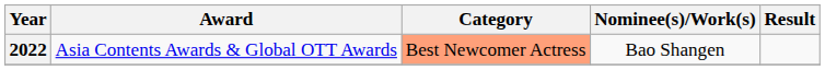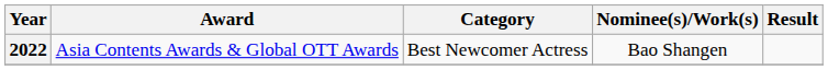 <table class="wikitable sortable plainrowheaders" style="text-align:center;">
 <tr>
 <th scope="col">Year</th>
 <th scope="col">Award</th>
 <th scope="col">Category</th>
 <th scope="col">Nominee(s)/Work(s)</th>
 <th scope="col">Result</th>
 </tr>
 <tr>
 <th scope="row">2022</th>
 <td><a href='#'>Asia Contents Awards & Global OTT Awards</a></td>
-<td style="background: lightsalmon;">Best Newcomer Actress</td>
+<td>Best Newcomer Actress</td>
 <td>Bao Shangen</td>
 <td></td>
 </tr>
 <tr>
 </tr>
 </table>
